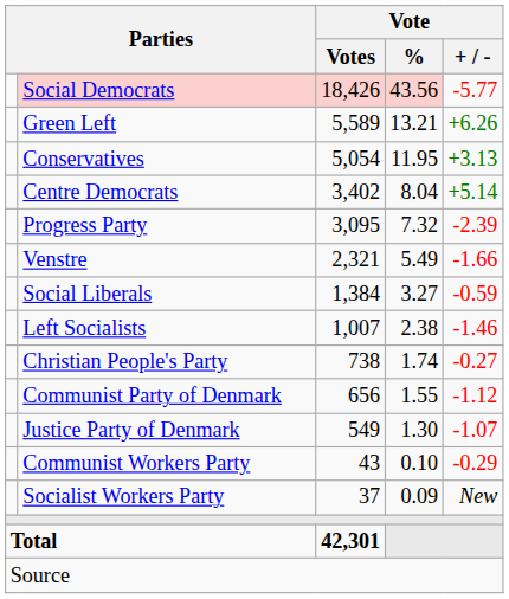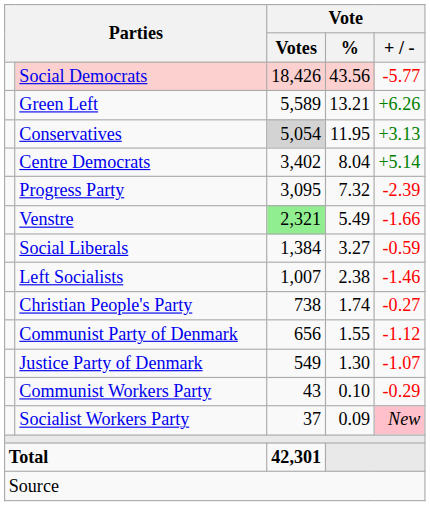 <table class="wikitable" style="text-align:right;">
 <tr>
 <th style="text-align:centre;" rowspan="2" colspan="2" width="225">Parties</th>
 <th colspan="3">Vote</th>
 </tr>
 <tr>
 <th width="15">Votes</th>
 <th width="15">%</th>
 <th width="15">+ / -</th>
 </tr>
 <tr>
 <td width="2" style="color:inherit;background:"></td>
 <td bgcolor=#fbd0ce  align="left"><a href='#'>Social Democrats</a></td>
 <td bgcolor=#fbd0ce>18,426</td>
 <td bgcolor=#fbd0ce>43.56</td>
 <td style=color:red;>-5.77</td>
 </tr>
 <tr>
 <td width="2" style="color:inherit;background:"></td>
 <td align="left"><a href='#'>Green Left</a></td>
 <td>5,589</td>
 <td>13.21</td>
 <td style=color:green;>+6.26</td>
 </tr>
 <tr>
 <td width="2" style="color:inherit;background:"></td>
 <td align="left"><a href='#'>Conservatives</a></td>
-<td>5,054</td>
+<td style="background: lightgrey;">5,054</td>
 <td>11.95</td>
 <td style=color:green;>+3.13</td>
 </tr>
 <tr>
 <td width="2" style="color:inherit;background:"></td>
 <td align="left"><a href='#'>Centre Democrats</a></td>
 <td>3,402</td>
 <td>8.04</td>
 <td style=color:green;>+5.14</td>
 </tr>
 <tr>
 <td width="2" style="color:inherit;background:"></td>
 <td align="left"><a href='#'>Progress Party</a></td>
 <td>3,095</td>
 <td>7.32</td>
 <td style=color:red;>-2.39</td>
 </tr>
 <tr>
 <td width="2" style="color:inherit;background:"></td>
 <td align="left"><a href='#'>Venstre</a></td>
-<td>2,321</td>
+<td style="background: lightgreen;">2,321</td>
 <td>5.49</td>
 <td style=color:red;>-1.66</td>
 </tr>
 <tr>
 <td width="2" style="color:inherit;background:"></td>
 <td align="left"><a href='#'>Social Liberals</a></td>
 <td>1,384</td>
 <td>3.27</td>
 <td style=color:red;>-0.59</td>
 </tr>
 <tr>
 <td width="2" style="color:inherit;background:"></td>
 <td align="left"><a href='#'>Left Socialists</a></td>
 <td>1,007</td>
 <td>2.38</td>
 <td style=color:red;>-1.46</td>
 </tr>
 <tr>
 <td width="2" style="color:inherit;background:"></td>
 <td align="left"><a href='#'>Christian People's Party</a></td>
 <td>738</td>
 <td>1.74</td>
 <td style=color:red;>-0.27</td>
 </tr>
 <tr>
 <td width="2" style="color:inherit;background:"></td>
 <td align="left"><a href='#'>Communist Party of Denmark</a></td>
 <td>656</td>
 <td>1.55</td>
 <td style=color:red;>-1.12</td>
 </tr>
 <tr>
 <td width="2" style="color:inherit;background:"></td>
 <td align="left"><a href='#'>Justice Party of Denmark</a></td>
 <td>549</td>
 <td>1.30</td>
 <td style=color:red;>-1.07</td>
 </tr>
 <tr>
 <td width="2" style="color:inherit;background:"></td>
 <td align="left"><a href='#'>Communist Workers Party</a></td>
 <td>43</td>
 <td>0.10</td>
 <td style=color:red;>-0.29</td>
 </tr>
 <tr>
 <td width="2" style="color:inherit;background:"></td>
 <td align="left"><a href='#'>Socialist Workers Party</a></td>
 <td>37</td>
 <td>0.09</td>
-<td><em>New</em></td>
+<td style="background: pink;"><em>New</em></td>
 </tr>
 <tr>
 <td colspan="7" bgcolor="#E9E9E9"></td>
 </tr>
 <tr>
 <td align="left" colspan="2"><strong>Total</strong></td>
 <td><strong>42,301</strong></td>
 <td bgcolor="#E9E9E9" colspan="2"></td>
 </tr>
 <tr>
 <td align="left" colspan="6">Source</td>
 </tr>
 </table>
